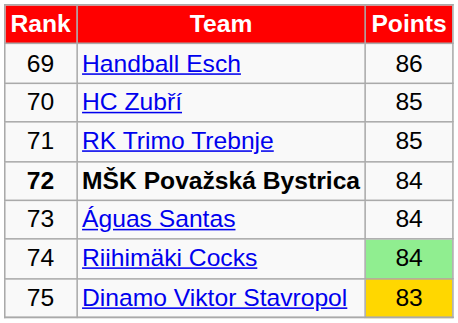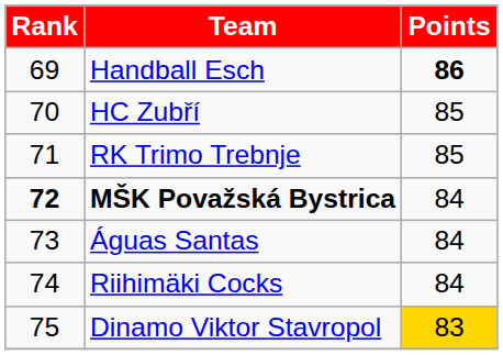 <table class="wikitable" style="text-align: center">
 <tr>
 <th style="color:white; background:#FF0000">Rank</th>
 <th style="color:white; background:#FF0000">Team</th>
 <th style="color:white; background:#FF0000">Points</th>
 </tr>
 <tr>
 <td>69</td>
 <td align=left> <a href='#'>Handball Esch</a></td>
-<td>86</td>
+<td><strong>86</strong></td>
 </tr>
 <tr>
 <td>70</td>
 <td align=left> <a href='#'>HC Zubří</a></td>
 <td>85</td>
 </tr>
 <tr>
 <td>71</td>
 <td align=left> <a href='#'>RK Trimo Trebnje</a></td>
 <td>85</td>
 </tr>
 <tr>
 <td><strong>72</strong></td>
 <td align=left> <strong>MŠK Považská Bystrica</strong></td>
 <td>84</td>
 </tr>
 <tr>
 <td>73</td>
 <td align=left> <a href='#'>Águas Santas</a></td>
 <td>84</td>
 </tr>
 <tr>
 <td>74</td>
 <td align=left> <a href='#'>Riihimäki Cocks</a></td>
-<td style="background: lightgreen;">84</td>
+<td>84</td>
 </tr>
 <tr>
 <td>75</td>
 <td align=left> <a href='#'>Dinamo Viktor Stavropol</a></td>
 <td style="background: gold;">83</td>
 </tr>
 <tr>
 </tr>
 </table>
